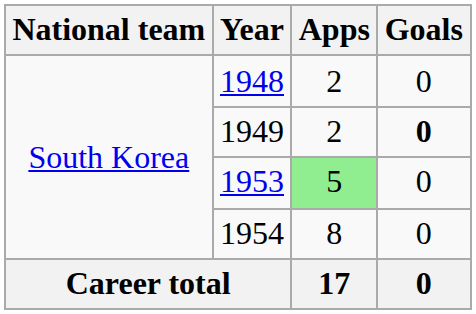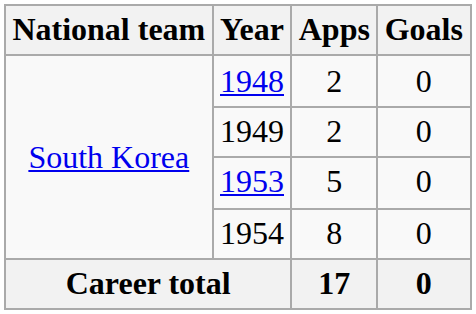 <table class="wikitable" style="text-align:center">
 <tr>
 <th>National team</th>
 <th>Year</th>
 <th>Apps</th>
 <th>Goals</th>
 </tr>
 <tr>
 <td rowspan=4><a href='#'>South Korea</a></td>
 <td><a href='#'>1948</a></td>
 <td>2</td>
 <td>0</td>
 </tr>
 <tr>
 <td>1949</td>
 <td>2</td>
-<td><strong>0</strong></td>
+<td>0</td>
 </tr>
 <tr>
 <td><a href='#'>1953</a></td>
-<td style="background: lightgreen;">5</td>
+<td>5</td>
 <td>0</td>
 </tr>
 <tr>
 <td>1954</td>
 <td>8</td>
 <td>0</td>
 </tr>
 <tr>
 <th colspan="2">Career total</th>
 <th>17</th>
 <th>0</th>
 </tr>
 </table>
